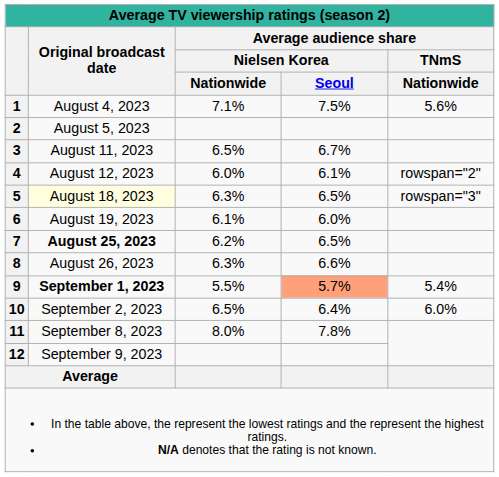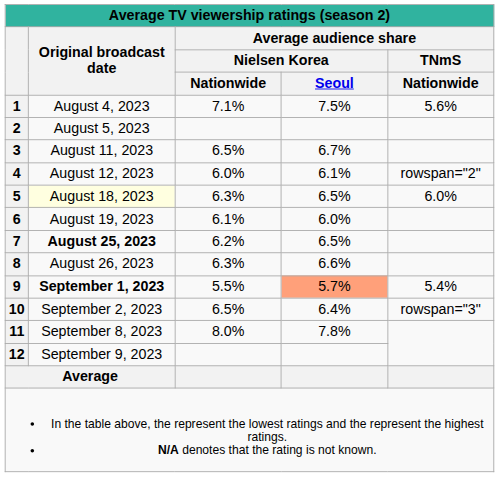 <table class="wikitable" style="text-align:center; max-width:550px; margin-left:auto; margin-right:auto">
 <tr>
 <th colspan="7" style="background:#30B39F; text-align:center">Average TV viewership ratings (season 2)</th>
 </tr>
 <tr>
 <th scope="col" rowspan="3"></th>
 <th scope="col" rowspan="3">Original broadcast date</th>
 <th scope="col" colspan="3">Average audience share</th>
 </tr>
 <tr>
 <th scope="col" colspan="2">Nielsen Korea</th>
 <th scope="col">TNmS</th>
 </tr>
 <tr>
 <th scope="col" style="width:7em">Nationwide</th>
 <th scope="col" style="width:7em"><a href='#'>Seoul</a></th>
 <th scope="col" style="width:7em">Nationwide</th>
 </tr>
 <tr>
 <th scope="row">1</th>
 <td>August 4, 2023</td>
 <td>7.1% </td>
 <td>7.5% </td>
 <td>5.6% </td>
 </tr>
 <tr>
 <th scope="row">2</th>
 <td>August 5, 2023</td>
 <td><strong></strong> </td>
 <td><strong></strong> </td>
 </tr>
 <tr>
 <th scope="row">3</th>
 <td>August 11, 2023</td>
 <td>6.5% </td>
 <td>6.7% </td>
 <td><strong></strong> </td>
 </tr>
 <tr>
 <th scope="row">4</th>
 <td>August 12, 2023</td>
 <td>6.0% </td>
 <td>6.1% </td>
 <td>rowspan="2" </td>
 </tr>
 <tr>
 <th scope="row">5</th>
 <td style="background: lightyellow;">August 18, 2023</td>
 <td>6.3% </td>
 <td>6.5% </td>
-<td>rowspan="3" </td>
+<td>6.0% </td>
 </tr>
 <tr>
 <th scope="row">6</th>
 <td>August 19, 2023</td>
 <td>6.1% </td>
 <td>6.0% </td>
 <td></td>
 </tr>
 <tr>
 <th scope="row">7</th>
 <td><strong>August 25, 2023</strong></td>
 <td>6.2% </td>
 <td>6.5% </td>
 <td><strong></strong> </td>
 </tr>
 <tr>
 <th scope="row">8</th>
 <td>August 26, 2023</td>
 <td>6.3% </td>
 <td>6.6% </td>
 <td></td>
 </tr>
 <tr>
 <th scope="row">9</th>
 <td><strong>September 1, 2023</strong></td>
 <td>5.5% </td>
 <td style="background: lightsalmon;">5.7% </td>
 <td>5.4% </td>
 </tr>
 <tr>
 <th scope="row">10</th>
 <td>September 2, 2023</td>
 <td>6.5% </td>
 <td>6.4% </td>
-<td>6.0% </td>
+<td>rowspan="3" </td>
 </tr>
 <tr>
 <th scope="row">11</th>
 <td>September 8, 2023</td>
 <td>8.0% </td>
 <td>7.8% </td>
 </tr>
 <tr>
 <th scope="row">12</th>
 <td>September 9, 2023</td>
 <td><strong></strong> </td>
 <td><strong></strong> </td>
 </tr>
 <tr>
 <th scope="col" colspan="2">Average</th>
 <th scope="col"></th>
 <th scope="col"></th>
 <th scope="col"></th>
 </tr>
 <tr>
 <td colspan="6" style="font-size:85%"><br><ul><li>In the table above, the <strong></strong> represent the lowest ratings and the <strong></strong> represent the highest ratings.</li><li><strong>N/A</strong> denotes that the rating is not known.</li></ul></td>
 </tr>
 </table>
